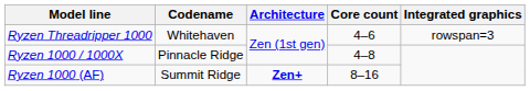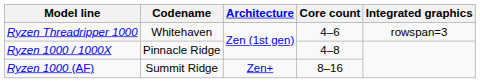 <table class="wikitable" style="text-align: center;">
 <tr>
 <th>Model line</th>
 <th>Codename</th>
 <th><a href='#'>Architecture</a></th>
 <th>Core count</th>
 <th>Integrated graphics</th>
 </tr>
 <tr>
 <td style="text-align: left;"><a href='#'><em>Ryzen Threadripper 1000</em></a></td>
 <td>Whitehaven</td>
 <td rowspan=2><a href='#'>Zen (1st gen)</a></td>
 <td>4–6</td>
 <td>rowspan=3 </td>
 </tr>
 <tr>
 <td style="text-align: left;"><a href='#'><em>Ryzen 1000 / 1000X</em></a></td>
 <td>Pinnacle Ridge</td>
 <td>4–8</td>
 </tr>
 <tr>
 <td style="text-align: left;"><a href='#'><em>Ryzen 1000</em> (AF)</a></td>
 <td>Summit Ridge</td>
-<td><strong><a href='#'>Zen+</a></strong></td>
+<td><a href='#'>Zen+</a></td>
 <td>8–16</td>
 </tr>
 </table>
